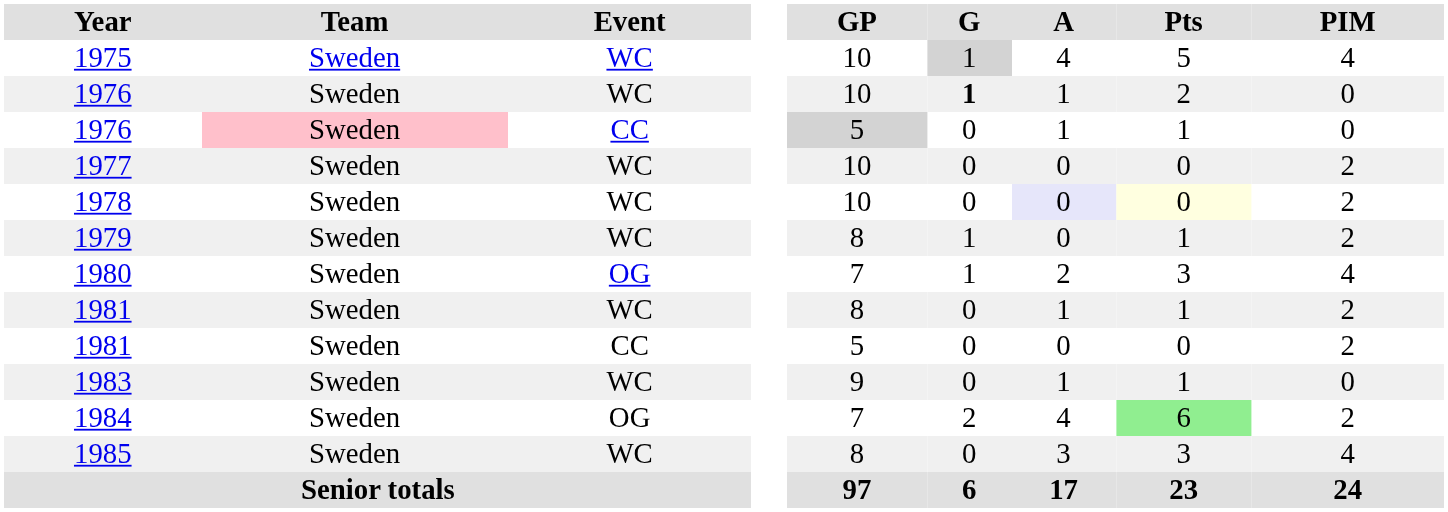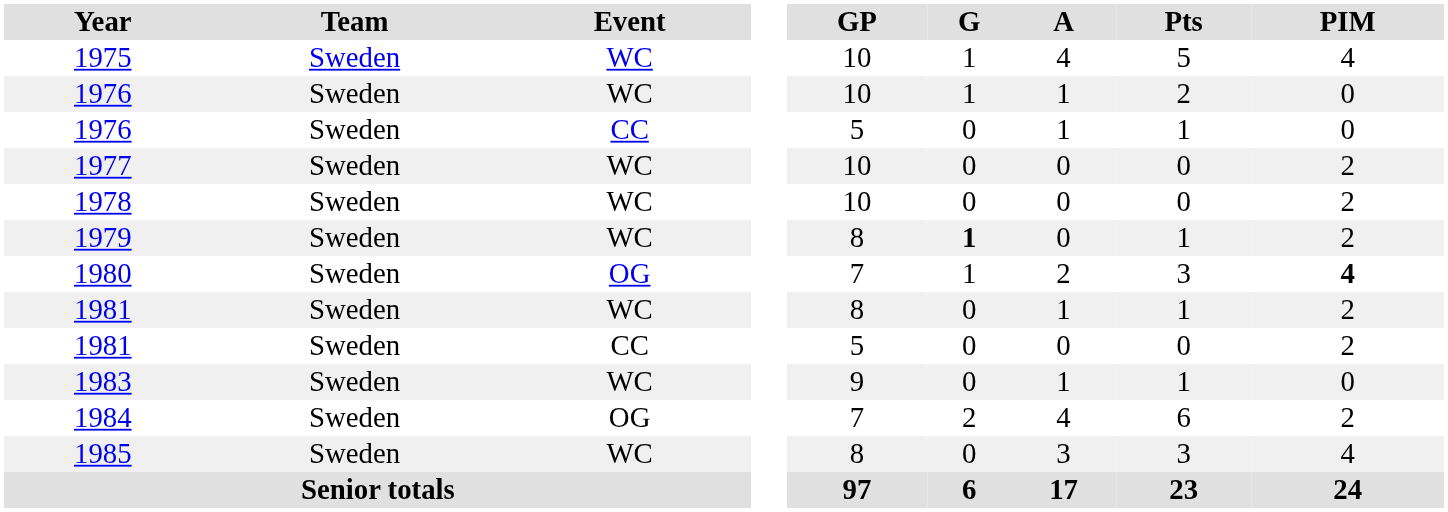 <table border="0" cellpadding="1" cellspacing="0" style="text-align:center; width:50em">
 <tr ALIGN="center" bgcolor="#e0e0e0">
 <th>Year</th>
 <th>Team</th>
 <th>Event</th>
 <th rowspan="99" bgcolor="#ffffff"> </th>
 <th>GP</th>
 <th>G</th>
 <th>A</th>
 <th>Pts</th>
 <th>PIM</th>
 </tr>
 <tr>
 <td><a href='#'>1975</a></td>
 <td><a href='#'>Sweden</a></td>
 <td><a href='#'>WC</a></td>
 <td>10</td>
-<td style="background: lightgrey;">1</td>
+<td>1</td>
 <td>4</td>
 <td>5</td>
 <td>4</td>
 </tr>
 <tr bgcolor="#f0f0f0">
 <td><a href='#'>1976</a></td>
 <td>Sweden</td>
 <td>WC</td>
 <td>10</td>
-<td><strong>1</strong></td>
+<td>1</td>
 <td>1</td>
 <td>2</td>
 <td>0</td>
 </tr>
 <tr>
 <td><a href='#'>1976</a></td>
-<td style="background: pink;">Sweden</td>
+<td>Sweden</td>
 <td><a href='#'>CC</a></td>
-<td style="background: lightgrey;">5</td>
+<td>5</td>
 <td>0</td>
 <td>1</td>
 <td>1</td>
 <td>0</td>
 </tr>
 <tr bgcolor="#f0f0f0">
 <td><a href='#'>1977</a></td>
 <td>Sweden</td>
 <td>WC</td>
 <td>10</td>
 <td>0</td>
 <td>0</td>
 <td>0</td>
 <td>2</td>
 </tr>
 <tr>
 <td><a href='#'>1978</a></td>
 <td>Sweden</td>
 <td>WC</td>
 <td>10</td>
 <td>0</td>
-<td style="background: lavender;">0</td>
-<td style="background: lightyellow;">0</td>
+<td>0</td>
+<td>0</td>
 <td>2</td>
 </tr>
 <tr bgcolor="#f0f0f0">
 <td><a href='#'>1979</a></td>
 <td>Sweden</td>
 <td>WC</td>
 <td>8</td>
-<td>1</td>
+<td><strong>1</strong></td>
 <td>0</td>
 <td>1</td>
 <td>2</td>
 </tr>
 <tr>
 <td><a href='#'>1980</a></td>
 <td>Sweden</td>
 <td><a href='#'>OG</a></td>
 <td>7</td>
 <td>1</td>
 <td>2</td>
 <td>3</td>
-<td>4</td>
+<td><strong>4</strong></td>
 </tr>
 <tr bgcolor="#f0f0f0">
 <td><a href='#'>1981</a></td>
 <td>Sweden</td>
 <td>WC</td>
 <td>8</td>
 <td>0</td>
 <td>1</td>
 <td>1</td>
 <td>2</td>
 </tr>
 <tr>
 <td><a href='#'>1981</a></td>
 <td>Sweden</td>
 <td>CC</td>
 <td>5</td>
 <td>0</td>
 <td>0</td>
 <td>0</td>
 <td>2</td>
 </tr>
 <tr bgcolor="#f0f0f0">
 <td><a href='#'>1983</a></td>
 <td>Sweden</td>
 <td>WC</td>
 <td>9</td>
 <td>0</td>
 <td>1</td>
 <td>1</td>
 <td>0</td>
 </tr>
 <tr>
 <td><a href='#'>1984</a></td>
 <td>Sweden</td>
 <td>OG</td>
 <td>7</td>
 <td>2</td>
 <td>4</td>
-<td style="background: lightgreen;">6</td>
+<td>6</td>
 <td>2</td>
 </tr>
 <tr bgcolor="#f0f0f0">
 <td><a href='#'>1985</a></td>
 <td>Sweden</td>
 <td>WC</td>
 <td>8</td>
 <td>0</td>
 <td>3</td>
 <td>3</td>
 <td>4</td>
 </tr>
 <tr bgcolor="#e0e0e0">
 <th colspan="3">Senior totals</th>
 <th>97</th>
 <th>6</th>
 <th>17</th>
 <th>23</th>
 <th>24</th>
 </tr>
 </table>
